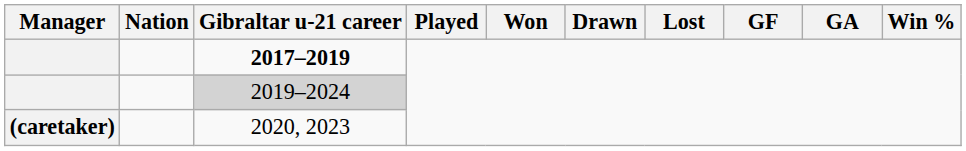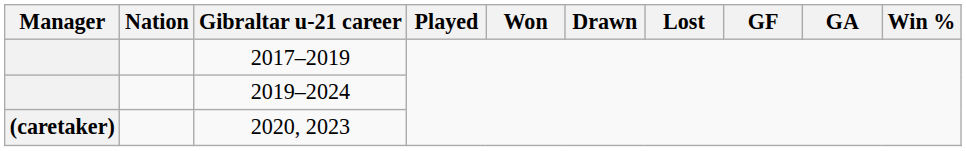 <table class="wikitable sortable plainrowheaders" style="text-align:center;">
 <tr>
 <th scope="col">Manager</th>
 <th scope="col">Nation</th>
 <th scope="col">Gibraltar u-21 career</th>
 <th scope="col" width=50px>Played</th>
 <th scope="col" width=50px>Won</th>
 <th scope="col" width=50px>Drawn</th>
 <th scope="col" width=50px>Lost</th>
 <th scope="col" width=50px>GF</th>
 <th scope="col" width=50px>GA</th>
 <th scope="col" width=50px>Win %</th>
 </tr>
 <tr>
 <th scope="row" style="text-align:left;"><strong></strong></th>
 <td></td>
-<td><strong>2017–2019<br></strong></td>
+<td>2017–2019<br></td>
 </tr>
 <tr>
 <th scope="row" style="text-align:left;"><strong></strong></th>
 <td></td>
-<td style="background: lightgrey;">2019–2024<br></td>
+<td>2019–2024<br></td>
 </tr>
 <tr>
 <th scope="row" style="text-align:left;"> (caretaker)</th>
 <td></td>
 <td>2020, 2023<br></td>
 </tr>
 </table>
